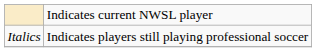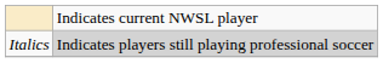 <table class="wikitable">
 <tr>
 <td style="background-color:#faecc8"></td>
 <td>Indicates current NWSL player</td>
 </tr>
 <tr>
 <td><em>Italics</em></td>
-<td>Indicates players still playing professional soccer</td>
+<td style="background: lightgrey;">Indicates players still playing professional soccer</td>
 </tr>
 <tr>
 </tr>
 </table>
